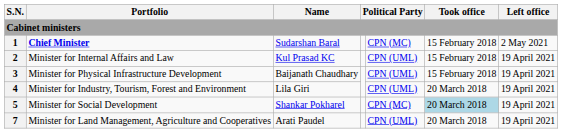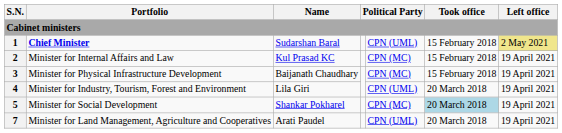 <table class="wikitable">
 <tr>
 <th>S.N.</th>
 <th>Portfolio</th>
 <th>Name<br></th>
 <th colspan="2">Political Party</th>
 <th>Took office</th>
 <th>Left office</th>
 </tr>
 <tr>
 <td colspan="7" bgcolor="darkgrey"><strong>Cabinet ministers</strong></td>
 </tr>
 <tr>
 <th>1</th>
 <td><strong><a href='#'>Chief Minister</a><br></strong></td>
 <td><a href='#'>Sudarshan Baral</a><br></td>
 <td></td>
-<td><a href='#'>CPN (MC)</a></td>
+<td><a href='#'>CPN (UML)</a></td>
 <td>15 February 2018</td>
-<td>2 May 2021</td>
+<td style="background: khaki;">2 May 2021</td>
 </tr>
 <tr>
 <th>2</th>
 <td>Minister for Internal Affairs and Law</td>
 <td><a href='#'>Kul Prasad KC</a><br></td>
 <td></td>
-<td><a href='#'>CPN (UML)</a></td>
+<td><a href='#'>CPN (MC)</a></td>
 <td>15 February 2018</td>
 <td>19 April 2021</td>
 </tr>
 <tr>
 <th>3</th>
 <td>Minister for Physical Infrastructure Development</td>
 <td>Baijanath Chaudhary<br></td>
 <td rowspan="2"></td>
-<td><a href='#'>CPN (UML)</a></td>
+<td><a href='#'>CPN (MC)</a></td>
 <td>15 February 2018</td>
 <td>19 April 2021</td>
 </tr>
 <tr>
 <th>4</th>
 <td>Minister for Industry, Tourism, Forest and Environment</td>
 <td>Lila Giri<br></td>
 <td><a href='#'>CPN (UML)</a></td>
 <td>20 March 2018</td>
 <td>19 April 2021</td>
 </tr>
 <tr>
 <th>5</th>
 <td>Minister for Social Development</td>
 <td><a href='#'>Shankar Pokharel</a><br></td>
 <td></td>
 <td><a href='#'>CPN (MC)</a></td>
 <td style="background: lightblue;">20 March 2018</td>
 <td>19 April 2021</td>
 </tr>
 <tr>
 <th>7</th>
 <td>Minister for Land Management, Agriculture and Cooperatives</td>
 <td>Arati Paudel<br></td>
 <td></td>
 <td><a href='#'>CPN (UML)</a></td>
 <td>20 March 2018</td>
 <td>19 April 2021</td>
 </tr>
 </table>
